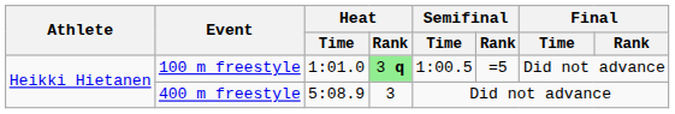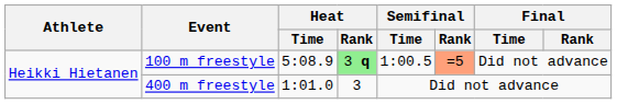 <table class=wikitable style="font-size:90%;">
 <tr>
 <th rowspan=2>Athlete</th>
 <th rowspan=2>Event</th>
 <th colspan=2>Heat</th>
 <th colspan=2>Semifinal</th>
 <th colspan=2>Final</th>
 </tr>
 <tr style="font-size:95%">
 <th>Time</th>
 <th>Rank</th>
 <th>Time</th>
 <th>Rank</th>
 <th>Time</th>
 <th>Rank</th>
 </tr>
 <tr align=center>
 <td rowspan=2 align=left><a href='#'>Heikki Hietanen</a></td>
 <td align=left><a href='#'>100 m freestyle</a></td>
-<td>1:01.0</td>
+<td>5:08.9</td>
 <td style="background: lightgreen;">3 <strong>q</strong></td>
 <td>1:00.5</td>
-<td>=5</td>
+<td style="background: lightsalmon;">=5</td>
 <td colspan=2>Did not advance</td>
 </tr>
 <tr align=center>
 <td align=left><a href='#'>400 m freestyle</a></td>
-<td>5:08.9</td>
+<td>1:01.0</td>
 <td>3</td>
 <td colspan=4>Did not advance</td>
 </tr>
 </table>
